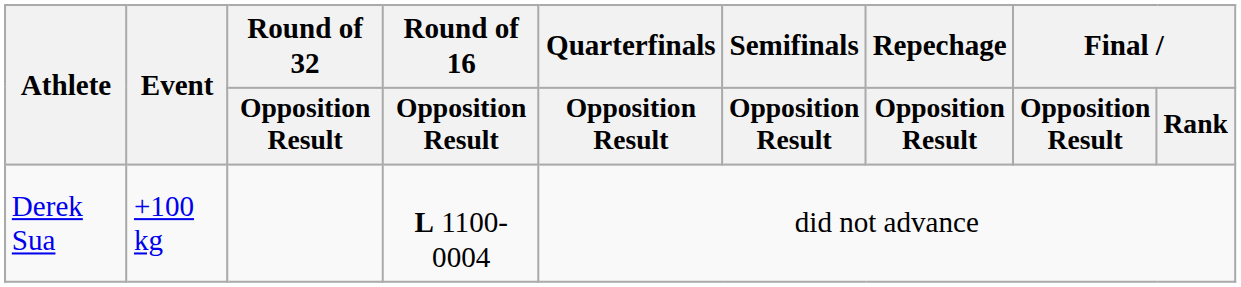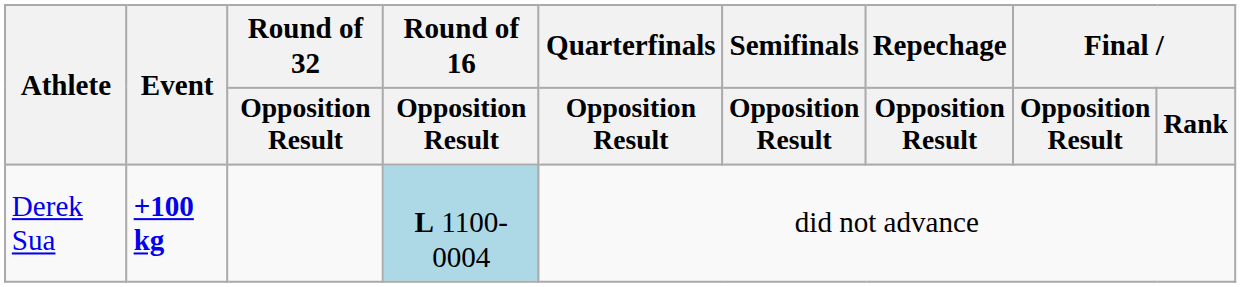 <table class="wikitable" style="font-size:90%;">
 <tr>
 <th rowspan=2>Athlete</th>
 <th rowspan=2>Event</th>
 <th>Round of 32</th>
 <th>Round of 16</th>
 <th>Quarterfinals</th>
 <th>Semifinals</th>
 <th>Repechage</th>
 <th colspan=2>Final / </th>
 </tr>
 <tr style="font-size:95%">
 <th>Opposition<br>Result</th>
 <th>Opposition<br>Result</th>
 <th>Opposition<br>Result</th>
 <th>Opposition<br>Result</th>
 <th>Opposition<br>Result</th>
 <th>Opposition<br>Result</th>
 <th>Rank</th>
 </tr>
 <tr align=center>
 <td align=left><a href='#'>Derek Sua</a></td>
-<td align=left><a href='#'>+100 kg</a></td>
+<td align=left><strong><a href='#'>+100 kg</a></strong></td>
 <td></td>
-<td><br><strong>L</strong> 1100-0004</td>
+<td style="background: lightblue;"><br><strong>L</strong> 1100-0004</td>
 <td colspan=5>did not advance</td>
 </tr>
 </table>
